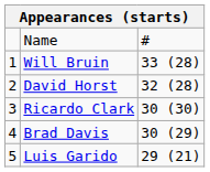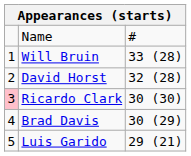 <table class="wikitable">
 <tr>
 <th colspan="3">Appearances (starts)</th>
 </tr>
 <tr>
 <td></td>
 <td>Name</td>
 <td>#</td>
 </tr>
 <tr>
 <td>1</td>
 <td><a href='#'>Will Bruin</a></td>
 <td>33 (28)</td>
 </tr>
 <tr>
 <td>2</td>
 <td><a href='#'>David Horst</a></td>
 <td>32 (28)</td>
 </tr>
 <tr>
-<td>3</td>
+<td style="background: pink;">3</td>
 <td><a href='#'>Ricardo Clark</a></td>
 <td>30 (30)</td>
 </tr>
 <tr>
 <td>4</td>
 <td><a href='#'>Brad Davis</a></td>
 <td>30 (29)</td>
 </tr>
 <tr>
 <td>5</td>
 <td><a href='#'>Luis Garido</a></td>
 <td>29 (21)</td>
 </tr>
 </table>
